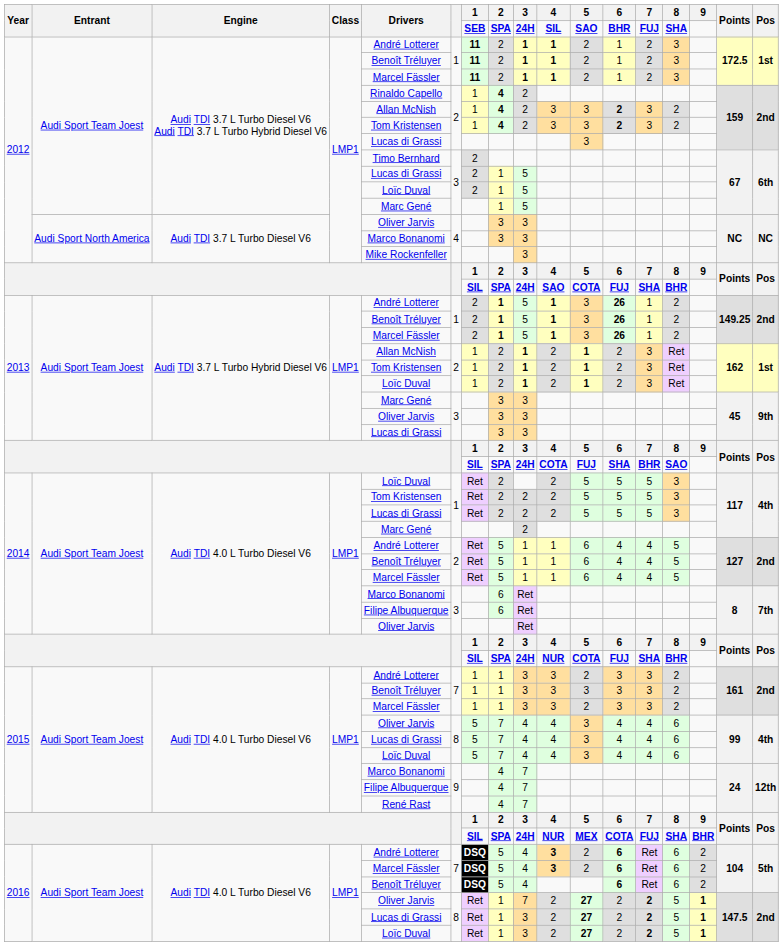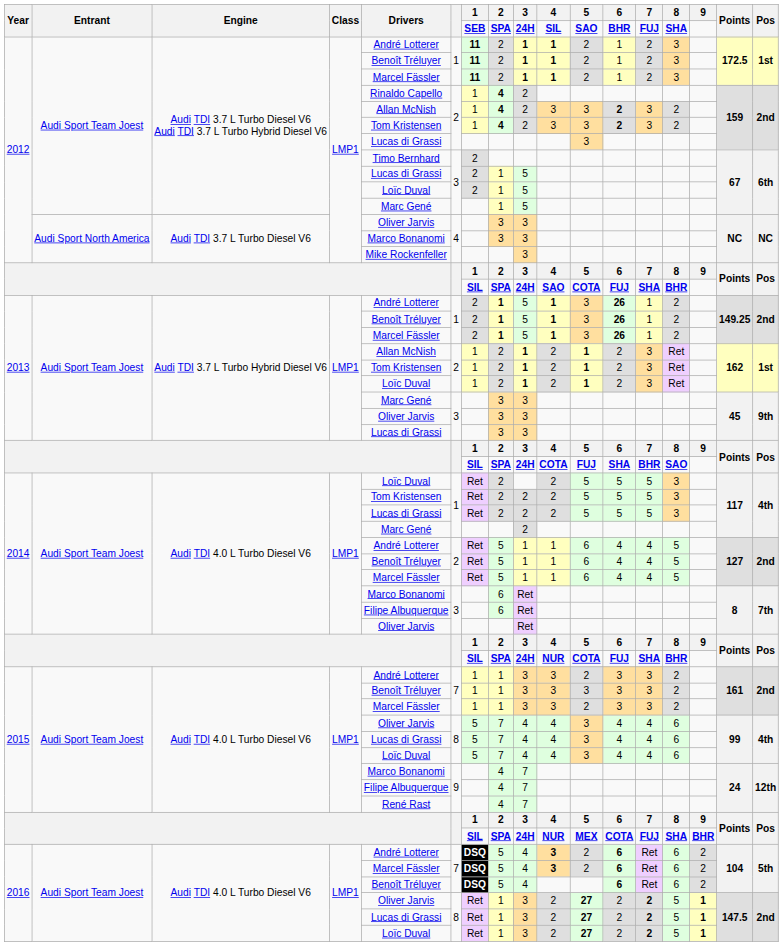 <table class="wikitable" style="text-align:center; font-size:90%">
 <tr>
 <th rowspan="2">Year</th>
 <th rowspan="2">Entrant</th>
 <th rowspan="2">Engine</th>
 <th rowspan="2">Class</th>
 <th rowspan="2">Drivers</th>
 <th rowspan="2"></th>
 <th>1</th>
 <th>2</th>
 <th>3</th>
 <th>4</th>
 <th>5</th>
 <th>6</th>
 <th>7</th>
 <th>8</th>
 <th>9</th>
 <th rowspan="2">Points</th>
 <th rowspan="2">Pos</th>
 </tr>
 <tr>
 <td><strong><a href='#'>SEB</a></strong></td>
 <td><strong><a href='#'>SPA</a></strong></td>
 <td><strong><a href='#'>24H</a></strong></td>
 <td><strong><a href='#'>SIL</a></strong></td>
 <td><strong></strong><a href='#'><strong>SAO</strong></a></td>
 <td><strong></strong><a href='#'><strong>BHR</strong></a></td>
 <td><strong></strong><a href='#'><strong>FUJ</strong></a></td>
 <td><strong></strong><a href='#'><strong>SHA</strong></a></td>
 <td></td>
 </tr>
 <tr>
 <td rowspan="14"><a href='#'>2012</a></td>
 <td rowspan="11"> <a href='#'>Audi Sport Team Joest</a></td>
 <td rowspan="11"><a href='#'>Audi</a> <a href='#'>TDI</a> 3.7 L Turbo Diesel V6<br><a href='#'>Audi</a> <a href='#'>TDI</a> 3.7 L Turbo Hybrid Diesel V6</td>
 <td rowspan="14"><a href='#'>LMP1</a></td>
 <td> <a href='#'>André Lotterer</a></td>
 <td rowspan="3">1</td>
 <td style="background:#DFFFDF;"><strong>11</strong></td>
 <td style="background:#DFDFDF;">2</td>
 <td style="background:#FFFFBF;"><strong>1</strong></td>
 <td style="background:#FFFFBF;"><strong>1</strong></td>
 <td style="background:#DFDFDF;">2</td>
 <td style="background:#FFFFBF;">1</td>
 <td style="background:#DFDFDF;">2</td>
 <td style="background:#FFDF9F;">3</td>
 <td></td>
 <th rowspan="3" style="background:#FFFFBF;">172.5</th>
 <th rowspan="3" style="background:#FFFFBF;">1st</th>
 </tr>
 <tr>
 <td> <a href='#'>Benoît Tréluyer</a></td>
 <td style="background:#DFFFDF;"><strong>11</strong></td>
 <td style="background:#DFDFDF;">2</td>
 <td style="background:#FFFFBF;"><strong>1</strong></td>
 <td style="background:#FFFFBF;"><strong>1</strong></td>
 <td style="background:#DFDFDF;">2</td>
 <td style="background:#FFFFBF;">1</td>
 <td style="background:#DFDFDF;">2</td>
 <td style="background:#FFDF9F;">3</td>
 <td></td>
 </tr>
 <tr>
 <td> <a href='#'>Marcel Fässler</a></td>
 <td style="background:#DFFFDF;"><strong>11</strong></td>
 <td style="background:#DFDFDF;">2</td>
 <td style="background:#FFFFBF;"><strong>1</strong></td>
 <td style="background:#FFFFBF;"><strong>1</strong></td>
 <td style="background:#DFDFDF;">2</td>
 <td style="background:#FFFFBF;">1</td>
 <td style="background:#DFDFDF;">2</td>
 <td style="background:#FFDF9F;">3</td>
 <td></td>
 </tr>
 <tr>
 <td> <a href='#'>Rinaldo Capello</a></td>
 <td rowspan="4">2</td>
 <td style="background:#FFFFBF;">1</td>
 <td style="background:#DFFFDF;"><strong>4</strong></td>
 <td style="background:#DFDFDF;">2</td>
 <td></td>
 <td></td>
 <td></td>
 <td></td>
 <td></td>
 <td></td>
 <th rowspan="4" style="background:#DFDFDF;">159</th>
 <th rowspan="4" style="background:#DFDFDF;">2nd</th>
 </tr>
 <tr>
 <td> <a href='#'>Allan McNish</a></td>
 <td style="background:#FFFFBF;">1</td>
 <td style="background:#DFFFDF;"><strong>4</strong></td>
 <td style="background:#DFDFDF;">2</td>
 <td style="background:#FFDF9F;">3</td>
 <td style="background:#FFDF9F;">3</td>
 <td style="background:#DFDFDF;"><strong>2</strong></td>
 <td style="background:#FFDF9F;">3</td>
 <td style="background:#DFDFDF;">2</td>
 <td></td>
 </tr>
 <tr>
 <td> <a href='#'>Tom Kristensen</a></td>
 <td style="background:#FFFFBF;">1</td>
 <td style="background:#DFFFDF;"><strong>4</strong></td>
 <td style="background:#DFDFDF;">2</td>
 <td style="background:#FFDF9F;">3</td>
 <td style="background:#FFDF9F;">3</td>
 <td style="background:#DFDFDF;"><strong>2</strong></td>
 <td style="background:#FFDF9F;">3</td>
 <td style="background:#DFDFDF;">2</td>
 <td></td>
 </tr>
 <tr>
 <td> <a href='#'>Lucas di Grassi</a></td>
 <td></td>
 <td></td>
 <td></td>
 <td></td>
 <td style="background:#FFDF9F;">3</td>
 <td></td>
 <td></td>
 <td></td>
 <td></td>
 </tr>
 <tr>
 <td> <a href='#'>Timo Bernhard</a></td>
 <td rowspan="4">3</td>
 <td style="background:#DFDFDF;">2</td>
 <td></td>
 <td></td>
 <td></td>
 <td></td>
 <td></td>
 <td></td>
 <td></td>
 <td></td>
 <th rowspan="4">67</th>
 <th rowspan="4">6th</th>
 </tr>
 <tr>
 <td> <a href='#'>Lucas di Grassi</a></td>
 <td style="background:#DFDFDF;">2</td>
 <td style="background:#FFFFBF;">1</td>
 <td style="background:#DFFFDF;">5</td>
 <td></td>
 <td></td>
 <td></td>
 <td></td>
 <td></td>
 <td></td>
 </tr>
 <tr>
 <td> <a href='#'>Loïc Duval</a></td>
 <td style="background:#DFDFDF;">2</td>
 <td style="background:#FFFFBF;">1</td>
 <td style="background:#DFFFDF;">5</td>
 <td></td>
 <td></td>
 <td></td>
 <td></td>
 <td></td>
 <td></td>
 </tr>
 <tr>
 <td> <a href='#'>Marc Gené</a></td>
 <td></td>
 <td style="background:#FFFFBF;">1</td>
 <td style="background:#DFFFDF;">5</td>
 <td></td>
 <td></td>
 <td></td>
 <td></td>
 <td></td>
 <td></td>
 </tr>
 <tr>
 <td rowspan="3"> <a href='#'>Audi Sport North America</a></td>
 <td rowspan="3"><a href='#'>Audi</a> <a href='#'>TDI</a> 3.7 L Turbo Diesel V6</td>
 <td> <a href='#'>Oliver Jarvis</a></td>
 <td rowspan="3">4</td>
 <td></td>
 <td style="background:#FFDF9F;">3</td>
 <td style="background:#FFDF9F;">3</td>
 <td></td>
 <td></td>
 <td></td>
 <td></td>
 <td></td>
 <td></td>
 <th rowspan="3">NC</th>
 <th rowspan="3">NC</th>
 </tr>
 <tr>
 <td> <a href='#'>Marco Bonanomi</a></td>
 <td></td>
 <td style="background:#FFDF9F;">3</td>
 <td style="background:#FFDF9F;">3</td>
 <td></td>
 <td></td>
 <td></td>
 <td></td>
 <td></td>
 <td></td>
 </tr>
 <tr>
 <td> <a href='#'>Mike Rockenfeller</a></td>
 <td></td>
 <td></td>
 <td style="background:#FFDF9F;">3</td>
 <td></td>
 <td></td>
 <td></td>
 <td></td>
 <td></td>
 <td></td>
 </tr>
 <tr>
 <th colspan="5" rowspan="2"></th>
 <th rowspan="2"></th>
 <th>1</th>
 <th>2</th>
 <th>3</th>
 <th>4</th>
 <th>5</th>
 <th>6</th>
 <th>7</th>
 <th>8</th>
 <th>9</th>
 <th rowspan="2">Points</th>
 <th rowspan="2">Pos</th>
 </tr>
 <tr>
 <td><strong><a href='#'>SIL</a></strong></td>
 <td><strong><a href='#'>SPA</a></strong></td>
 <td><strong><a href='#'>24H</a></strong></td>
 <td><strong><a href='#'>SAO</a></strong></td>
 <td><strong><a href='#'>COTA</a></strong></td>
 <td><strong><a href='#'>FUJ</a></strong></td>
 <td><strong><a href='#'>SHA</a></strong></td>
 <td><strong><a href='#'>BHR</a></strong></td>
 <td></td>
 </tr>
 <tr>
 <td rowspan="9"><a href='#'>2013</a></td>
 <td rowspan="9"> <a href='#'>Audi Sport Team Joest</a></td>
 <td rowspan="9"><a href='#'>Audi</a> <a href='#'>TDI</a> 3.7 L Turbo Hybrid Diesel V6</td>
 <td rowspan="9"><a href='#'>LMP1</a></td>
 <td> <a href='#'>André Lotterer</a></td>
 <td rowspan="3">1</td>
 <td style="background:#DFDFDF;">2</td>
 <td style="background:#FFFFBF;"><strong>1</strong></td>
 <td style="background:#DFFFDF;">5</td>
 <td style="background:#FFFFBF;"><strong>1</strong></td>
 <td style="background:#FFDF9F;">3</td>
 <td style="background:#DFFFDF;"><strong>26</strong></td>
 <td style="background:#FFFFBF;">1</td>
 <td style="background:#DFDFDF;">2</td>
 <td></td>
 <th rowspan="3" style="background:#DFDFDF;">149.25</th>
 <th rowspan="3" style="background:#DFDFDF;">2nd</th>
 </tr>
 <tr>
 <td> <a href='#'>Benoît Tréluyer</a></td>
 <td style="background:#DFDFDF;">2</td>
 <td style="background:#FFFFBF;"><strong>1</strong></td>
 <td style="background:#DFFFDF;">5</td>
 <td style="background:#FFFFBF;"><strong>1</strong></td>
 <td style="background:#FFDF9F;">3</td>
 <td style="background:#DFFFDF;"><strong>26</strong></td>
 <td style="background:#FFFFBF;">1</td>
 <td style="background:#DFDFDF;">2</td>
 <td></td>
 </tr>
 <tr>
 <td> <a href='#'>Marcel Fässler</a></td>
 <td style="background:#DFDFDF;">2</td>
 <td style="background:#FFFFBF;"><strong>1</strong></td>
 <td style="background:#DFFFDF;">5</td>
 <td style="background:#FFFFBF;"><strong>1</strong></td>
 <td style="background:#FFDF9F;">3</td>
 <td style="background:#DFFFDF;"><strong>26</strong></td>
 <td style="background:#FFFFBF;">1</td>
 <td style="background:#DFDFDF;">2</td>
 <td></td>
 </tr>
 <tr>
 <td> <a href='#'>Allan McNish</a></td>
 <td rowspan="3">2</td>
 <td style="background:#FFFFBF;">1</td>
 <td style="background:#DFDFDF;">2</td>
 <td style="background:#FFFFBF;"><strong>1</strong></td>
 <td style="background:#DFDFDF;">2</td>
 <td style="background:#FFFFBF;"><strong>1</strong></td>
 <td style="background:#DFDFDF;">2</td>
 <td style="background:#FFDF9F;">3</td>
 <td style="background:#EFCFFF;">Ret</td>
 <td></td>
 <th rowspan="3" style="background:#FFFFBF;">162</th>
 <th rowspan="3" style="background:#FFFFBF;">1st</th>
 </tr>
 <tr>
 <td> <a href='#'>Tom Kristensen</a></td>
 <td style="background:#FFFFBF;">1</td>
 <td style="background:#DFDFDF;">2</td>
 <td style="background:#FFFFBF;"><strong>1</strong></td>
 <td style="background:#DFDFDF;">2</td>
 <td style="background:#FFFFBF;"><strong>1</strong></td>
 <td style="background:#DFDFDF;">2</td>
 <td style="background:#FFDF9F;">3</td>
 <td style="background:#EFCFFF;">Ret</td>
 <td></td>
 </tr>
 <tr>
 <td> <a href='#'>Loïc Duval</a></td>
 <td style="background:#FFFFBF;">1</td>
 <td style="background:#DFDFDF;">2</td>
 <td style="background:#FFFFBF;"><strong>1</strong></td>
 <td style="background:#DFDFDF;">2</td>
 <td style="background:#FFFFBF;"><strong>1</strong></td>
 <td style="background:#DFDFDF;">2</td>
 <td style="background:#FFDF9F;">3</td>
 <td style="background:#EFCFFF;">Ret</td>
 <td></td>
 </tr>
 <tr>
 <td> <a href='#'>Marc Gené</a></td>
 <td rowspan="3">3</td>
 <td></td>
 <td style="background:#FFDF9F;">3</td>
 <td style="background:#FFDF9F;">3</td>
 <td></td>
 <td></td>
 <td></td>
 <td></td>
 <td></td>
 <td></td>
 <th rowspan="3">45</th>
 <th rowspan="3">9th</th>
 </tr>
 <tr>
 <td> <a href='#'>Oliver Jarvis</a></td>
 <td></td>
 <td style="background:#FFDF9F;">3</td>
 <td style="background:#FFDF9F;">3</td>
 <td></td>
 <td></td>
 <td></td>
 <td></td>
 <td></td>
 <td></td>
 </tr>
 <tr>
 <td> <a href='#'>Lucas di Grassi</a></td>
 <td></td>
 <td style="background:#FFDF9F;">3</td>
 <td style="background:#FFDF9F;">3</td>
 <td></td>
 <td></td>
 <td></td>
 <td></td>
 <td></td>
 <td></td>
 </tr>
 <tr>
 <th colspan="5" rowspan="2"></th>
 <th rowspan="2"></th>
 <th>1</th>
 <th>2</th>
 <th>3</th>
 <th>4</th>
 <th>5</th>
 <th>6</th>
 <th>7</th>
 <th>8</th>
 <th>9</th>
 <th rowspan="2">Points</th>
 <th rowspan="2">Pos</th>
 </tr>
 <tr>
 <td><strong><a href='#'>SIL</a></strong></td>
 <td><strong><a href='#'>SPA</a></strong></td>
 <td><strong><a href='#'>24H</a></strong></td>
 <td><strong><a href='#'>COTA</a></strong></td>
 <td><strong><a href='#'>FUJ</a></strong></td>
 <td><strong><a href='#'>SHA</a></strong></td>
 <td><strong><a href='#'>BHR</a></strong></td>
 <td><strong><a href='#'>SAO</a></strong></td>
 <td></td>
 </tr>
 <tr>
 <td rowspan="10"><a href='#'>2014</a></td>
 <td rowspan="10"> <a href='#'>Audi Sport Team Joest</a></td>
 <td rowspan="10"><a href='#'>Audi</a> <a href='#'>TDI</a> 4.0 L Turbo Diesel V6</td>
 <td rowspan="10"><a href='#'>LMP1</a></td>
 <td> <a href='#'>Loïc Duval</a></td>
 <td rowspan="4">1</td>
 <td style="background:#EFCFFF;">Ret</td>
 <td style="background:#DFDFDF;">2</td>
 <td></td>
 <td style="background:#DFDFDF;">2</td>
 <td style="background:#DFFFDF;">5</td>
 <td style="background:#DFFFDF;">5</td>
 <td style="background:#DFFFDF;">5</td>
 <td style="background:#FFDF9F;">3</td>
 <td></td>
 <th rowspan="4">117</th>
 <th rowspan="4">4th</th>
 </tr>
 <tr>
 <td> <a href='#'>Tom Kristensen</a></td>
 <td style="background:#EFCFFF;">Ret</td>
 <td style="background:#DFDFDF;">2</td>
 <td style="background:#DFDFDF;">2</td>
 <td style="background:#DFDFDF;">2</td>
 <td style="background:#DFFFDF;">5</td>
 <td style="background:#DFFFDF;">5</td>
 <td style="background:#DFFFDF;">5</td>
 <td style="background:#FFDF9F;">3</td>
 <td></td>
 </tr>
 <tr>
 <td> <a href='#'>Lucas di Grassi</a></td>
 <td style="background:#EFCFFF;">Ret</td>
 <td style="background:#DFDFDF;">2</td>
 <td style="background:#DFDFDF;">2</td>
 <td style="background:#DFDFDF;">2</td>
 <td style="background:#DFFFDF;">5</td>
 <td style="background:#DFFFDF;">5</td>
 <td style="background:#DFFFDF;">5</td>
 <td style="background:#FFDF9F;">3</td>
 <td></td>
 </tr>
 <tr>
 <td> <a href='#'>Marc Gené</a></td>
 <td></td>
 <td></td>
 <td style="background:#DFDFDF;">2</td>
 <td></td>
 <td></td>
 <td></td>
 <td></td>
 <td></td>
 <td></td>
 </tr>
 <tr>
 <td> <a href='#'>André Lotterer</a></td>
 <td rowspan="3">2</td>
 <td style="background:#EFCFFF;">Ret</td>
 <td style="background:#DFFFDF;">5</td>
 <td style="background:#FFFFBF;">1</td>
 <td style="background:#FFFFBF;">1</td>
 <td style="background:#DFFFDF;">6</td>
 <td style="background:#DFFFDF;">4</td>
 <td style="background:#DFFFDF;">4</td>
 <td style="background:#DFFFDF;">5</td>
 <td></td>
 <th rowspan="3" style="background:#DFDFDF;">127</th>
 <th rowspan="3" style="background:#DFDFDF;">2nd</th>
 </tr>
 <tr>
 <td> <a href='#'>Benoît Tréluyer</a></td>
 <td style="background:#EFCFFF;">Ret</td>
 <td style="background:#DFFFDF;">5</td>
 <td style="background:#FFFFBF;">1</td>
 <td style="background:#FFFFBF;">1</td>
 <td style="background:#DFFFDF;">6</td>
 <td style="background:#DFFFDF;">4</td>
 <td style="background:#DFFFDF;">4</td>
 <td style="background:#DFFFDF;">5</td>
 <td></td>
 </tr>
 <tr>
 <td> <a href='#'>Marcel Fässler</a></td>
 <td style="background:#EFCFFF;">Ret</td>
 <td style="background:#DFFFDF;">5</td>
 <td style="background:#FFFFBF;">1</td>
 <td style="background:#FFFFBF;">1</td>
 <td style="background:#DFFFDF;">6</td>
 <td style="background:#DFFFDF;">4</td>
 <td style="background:#DFFFDF;">4</td>
 <td style="background:#DFFFDF;">5</td>
 <td></td>
 </tr>
 <tr>
 <td> <a href='#'>Marco Bonanomi</a></td>
 <td rowspan="3">3</td>
 <td></td>
 <td style="background:#DFFFDF;">6</td>
 <td style="background:#EFCFFF;">Ret</td>
 <td></td>
 <td></td>
 <td></td>
 <td></td>
 <td></td>
 <td></td>
 <th rowspan="3">8</th>
 <th rowspan="3">7th</th>
 </tr>
 <tr>
 <td> <a href='#'>Filipe Albuquerque</a></td>
 <td></td>
 <td style="background:#DFFFDF;">6</td>
 <td style="background:#EFCFFF;">Ret</td>
 <td></td>
 <td></td>
 <td></td>
 <td></td>
 <td></td>
 <td></td>
 </tr>
 <tr>
 <td> <a href='#'>Oliver Jarvis</a></td>
 <td></td>
 <td></td>
 <td style="background:#EFCFFF;">Ret</td>
 <td></td>
 <td></td>
 <td></td>
 <td></td>
 <td></td>
 <td></td>
 </tr>
 <tr>
 <th colspan="5" rowspan="2"></th>
 <th rowspan="2"></th>
 <th>1</th>
 <th>2</th>
 <th>3</th>
 <th>4</th>
 <th>5</th>
 <th>6</th>
 <th>7</th>
 <th>8</th>
 <th>9</th>
 <th rowspan="2">Points</th>
 <th rowspan="2">Pos</th>
 </tr>
 <tr>
 <td><strong><a href='#'>SIL</a></strong></td>
 <td><strong><a href='#'>SPA</a></strong></td>
 <td><strong><a href='#'>24H</a></strong></td>
 <td><strong><a href='#'>NUR</a></strong></td>
 <td><strong><a href='#'>COTA</a></strong></td>
 <td><strong><a href='#'>FUJ</a></strong></td>
 <td><strong><a href='#'>SHA</a></strong></td>
 <td><strong><a href='#'>BHR</a></strong></td>
 <td></td>
 </tr>
 <tr>
 <td rowspan="9"><a href='#'>2015</a></td>
 <td rowspan="9"> <a href='#'>Audi Sport Team Joest</a></td>
 <td rowspan="9"><a href='#'>Audi</a> <a href='#'>TDI</a> 4.0 L Turbo Diesel V6</td>
 <td rowspan="9"><a href='#'>LMP1</a></td>
 <td> <a href='#'>André Lotterer</a></td>
 <td rowspan="3">7</td>
 <td style="background:#FFFFBF;">1</td>
 <td style="background:#FFFFBF;">1</td>
 <td style="background:#FFDF9F;">3</td>
 <td style="background:#FFDF9F;">3</td>
 <td style="background:#DFDFDF;">2</td>
 <td style="background:#FFDF9F;">3</td>
 <td style="background:#FFDF9F;">3</td>
 <td style="background:#DFDFDF;">2</td>
 <td></td>
 <th rowspan="3" style="background:#DFDFDF;">161</th>
 <th rowspan="3" style="background:#DFDFDF;">2nd</th>
 </tr>
 <tr>
 <td> <a href='#'>Benoît Tréluyer</a></td>
 <td style="background:#FFFFBF;">1</td>
 <td style="background:#FFFFBF;">1</td>
 <td style="background:#FFDF9F;">3</td>
 <td style="background:#FFDF9F;">3</td>
 <td style="background:#DFDFDF;">3</td>
 <td style="background:#FFDF9F;">3</td>
 <td style="background:#FFDF9F;">3</td>
 <td style="background:#DFDFDF;">2</td>
 <td></td>
 </tr>
 <tr>
 <td> <a href='#'>Marcel Fässler</a></td>
 <td style="background:#FFFFBF;">1</td>
 <td style="background:#FFFFBF;">1</td>
 <td style="background:#FFDF9F;">3</td>
 <td style="background:#FFDF9F;">3</td>
 <td style="background:#DFDFDF;">2</td>
 <td style="background:#FFDF9F;">3</td>
 <td style="background:#FFDF9F;">3</td>
 <td style="background:#DFDFDF;">2</td>
 <td></td>
 </tr>
 <tr>
 <td> <a href='#'>Oliver Jarvis</a></td>
 <td rowspan="3">8</td>
 <td style="background:#DFFFDF;">5</td>
 <td style="background:#DFFFDF;">7</td>
 <td style="background:#DFFFDF;">4</td>
 <td style="background:#DFFFDF;">4</td>
 <td style="background:#FFDF9F;">3</td>
 <td style="background:#DFFFDF;">4</td>
 <td style="background:#DFFFDF;">4</td>
 <td style="background:#DFFFDF;">6</td>
 <td></td>
 <th rowspan="3">99</th>
 <th rowspan="3">4th</th>
 </tr>
 <tr>
 <td> <a href='#'>Lucas di Grassi</a></td>
 <td style="background:#DFFFDF;">5</td>
 <td style="background:#DFFFDF;">7</td>
 <td style="background:#DFFFDF;">4</td>
 <td style="background:#DFFFDF;">4</td>
 <td style="background:#FFDF9F;">3</td>
 <td style="background:#DFFFDF;">4</td>
 <td style="background:#DFFFDF;">4</td>
 <td style="background:#DFFFDF;">6</td>
 <td></td>
 </tr>
 <tr>
 <td> <a href='#'>Loïc Duval</a></td>
 <td style="background:#DFFFDF;">5</td>
 <td style="background:#DFFFDF;">7</td>
 <td style="background:#DFFFDF;">4</td>
 <td style="background:#DFFFDF;">4</td>
 <td style="background:#FFDF9F;">3</td>
 <td style="background:#DFFFDF;">4</td>
 <td style="background:#DFFFDF;">4</td>
 <td style="background:#DFFFDF;">6</td>
 <td></td>
 </tr>
 <tr>
 <td> <a href='#'>Marco Bonanomi</a></td>
 <td rowspan="3">9</td>
 <td></td>
 <td style="background:#DFFFDF;">4</td>
 <td style="background:#DFFFDF;">7</td>
 <td></td>
 <td></td>
 <td></td>
 <td></td>
 <td></td>
 <td></td>
 <th rowspan="3">24</th>
 <th rowspan="3">12th</th>
 </tr>
 <tr>
 <td> <a href='#'>Filipe Albuquerque</a></td>
 <td></td>
 <td style="background:#DFFFDF;">4</td>
 <td style="background:#DFFFDF;">7</td>
 <td></td>
 <td></td>
 <td></td>
 <td></td>
 <td></td>
 <td></td>
 </tr>
 <tr>
 <td> <a href='#'>René Rast</a></td>
 <td></td>
 <td style="background:#DFFFDF;">4</td>
 <td style="background:#DFFFDF;">7</td>
 <td></td>
 <td></td>
 <td></td>
 <td></td>
 <td></td>
 <td></td>
 </tr>
 <tr>
 <th colspan="5" rowspan="2"></th>
 <th rowspan="2"></th>
 <th>1</th>
 <th>2</th>
 <th>3</th>
 <th>4</th>
 <th>5</th>
 <th>6</th>
 <th>7</th>
 <th>8</th>
 <th>9</th>
 <th rowspan="2">Points</th>
 <th rowspan="2">Pos</th>
 </tr>
 <tr>
 <td><strong><a href='#'>SIL</a></strong></td>
 <td><strong><a href='#'>SPA</a></strong></td>
 <td><strong><a href='#'>24H</a></strong></td>
 <td><strong><a href='#'>NUR</a></strong></td>
 <td><strong></strong><a href='#'><strong>MEX</strong></a></td>
 <td><strong><a href='#'>COTA</a></strong></td>
 <td><strong><a href='#'>FUJ</a></strong></td>
 <td><strong><a href='#'>SHA</a></strong></td>
 <td><strong><a href='#'>BHR</a></strong></td>
 </tr>
 <tr>
 <td rowspan="6"><a href='#'>2016</a></td>
 <td rowspan="6"> <a href='#'>Audi Sport Team Joest</a></td>
 <td rowspan="6"><a href='#'>Audi</a> <a href='#'>TDI</a> 4.0 L Turbo Diesel V6</td>
 <td rowspan="6"><a href='#'>LMP1</a></td>
 <td> <a href='#'>André Lotterer</a></td>
 <td rowspan="3">7</td>
 <td style="background-color:#000000; color:white"><strong>DSQ</strong></td>
 <td style="background:#DFFFDF;">5</td>
 <td style="background:#DFFFDF;">4</td>
 <td style="background:#FFDF9F;"><strong>3</strong></td>
 <td style="background:#DFDFDF;">2</td>
 <td style="background:#DFFFDF;"><strong>6</strong></td>
 <td style="background:#EFCFFF;">Ret</td>
 <td style="background:#DFFFDF;">6</td>
 <td style="background:#DFDFDF;">2</td>
 <th rowspan="3">104</th>
 <th rowspan="3">5th</th>
 </tr>
 <tr>
 <td> <a href='#'>Marcel Fässler</a></td>
 <td style="background-color:#000000; color:white"><strong>DSQ</strong></td>
 <td style="background:#DFFFDF;">5</td>
 <td style="background:#DFFFDF;">4</td>
 <td style="background:#FFDF9F;"><strong>3</strong></td>
 <td style="background:#DFDFDF;">2</td>
 <td style="background:#DFFFDF;"><strong>6</strong></td>
 <td style="background:#EFCFFF;">Ret</td>
 <td style="background:#DFFFDF;">6</td>
 <td style="background:#DFDFDF;">2</td>
 </tr>
 <tr>
 <td> <a href='#'>Benoît Tréluyer</a></td>
 <td style="background-color:#000000; color:white"><strong>DSQ</strong></td>
 <td style="background:#DFFFDF;">5</td>
 <td style="background:#DFFFDF;">4</td>
 <td></td>
 <td></td>
 <td style="background:#DFFFDF;"><strong>6</strong></td>
 <td style="background:#EFCFFF;">Ret</td>
 <td style="background:#DFFFDF;">6</td>
 <td style="background:#DFDFDF;">2</td>
 </tr>
 <tr>
 <td> <a href='#'>Oliver Jarvis</a></td>
 <td rowspan="3">8</td>
 <td style="background:#EFCFFF;">Ret</td>
 <td style="background:#FFFFBF;">1</td>
-<td style="background:#FFDF9F;">7</td>
+<td style="background:#FFDF9F;">3</td>
 <td style="background:#DFDFDF;">2</td>
 <td style="background:#DFFFDF;"><strong>27</strong></td>
 <td style="background:#DFDFDF;">2</td>
 <td style="background:#DFDFDF;"><strong>2</strong></td>
 <td style="background:#DFFFDF;">5</td>
 <td style="background:#FFFFBF;"><strong>1</strong></td>
 <th rowspan="3" style="background:#DFDFDF;">147.5</th>
 <th rowspan="3" style="background:#DFDFDF;">2nd</th>
 </tr>
 <tr>
 <td> <a href='#'>Lucas di Grassi</a></td>
 <td style="background:#EFCFFF;">Ret</td>
 <td style="background:#FFFFBF;">1</td>
 <td style="background:#FFDF9F;">3</td>
 <td style="background:#DFDFDF;">2</td>
 <td style="background:#DFFFDF;"><strong>27</strong></td>
 <td style="background:#DFDFDF;">2</td>
 <td style="background:#DFDFDF;"><strong>2</strong></td>
 <td style="background:#DFFFDF;">5</td>
 <td style="background:#FFFFBF;"><strong>1</strong></td>
 </tr>
 <tr>
 <td> <a href='#'>Loïc Duval</a></td>
 <td style="background:#EFCFFF;">Ret</td>
 <td style="background:#FFFFBF;">1</td>
 <td style="background:#FFDF9F;">3</td>
 <td style="background:#DFDFDF;">2</td>
 <td style="background:#DFFFDF;"><strong>27</strong></td>
 <td style="background:#DFDFDF;">2</td>
 <td style="background:#DFDFDF;"><strong>2</strong></td>
 <td style="background:#DFFFDF;">5</td>
 <td style="background:#FFFFBF;"><strong>1</strong></td>
 </tr>
 </table>
